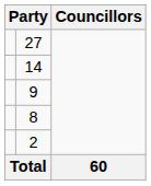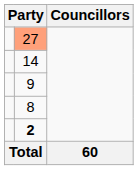 <table class="wikitable">
 <tr>
 <th colspan=2>Party</th>
 <th>Councillors</th>
 </tr>
 <tr>
 <td></td>
-<td align=center>27</td>
+<td align=center style="background: lightsalmon;">27</td>
 </tr>
 <tr>
 <td></td>
 <td align=center>14</td>
 </tr>
 <tr>
 <td></td>
 <td align=center>9</td>
 </tr>
 <tr>
 <td></td>
 <td align=center>8</td>
 </tr>
 <tr>
 <td></td>
-<td align=center>2</td>
+<td align=center><strong>2</strong></td>
 </tr>
 <tr>
 <th colspan=2>Total</th>
 <th align=center>60</th>
 </tr>
 </table>
